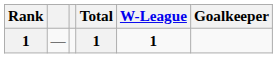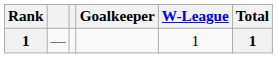 <table class="wikitable" style="text-align:center">
 <tr>
 <th>Rank</th>
 <th></th>
 <th></th>
+<th>Goalkeeper</th>
+<th><a href='#'>W-League</a></th>
 <th>Total</th>
-<th><a href='#'>W-League</a></th>
-<th>Goalkeeper</th>
 </tr>
 <tr>
 <th>1</th>
 <td>—</td>
 <td></td>
+<td align="left"></td>
+<td>1</td>
 <th>1</th>
-<td><strong>1</strong></td>
-<td align="left"></td>
 </tr>
 </table>
